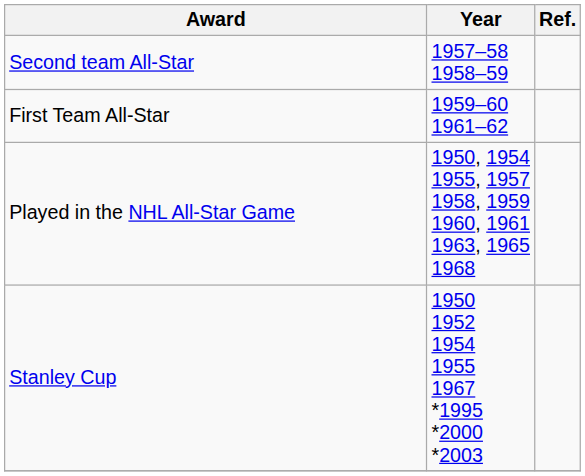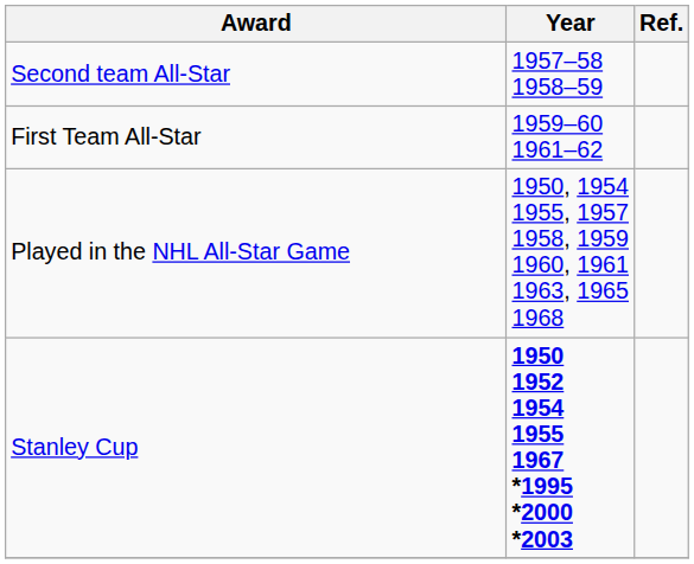 <table class="wikitable">
 <tr>
 <th scope="col" style="width:21em">Award</th>
 <th scope="col">Year</th>
 <th scope="col">Ref.</th>
 </tr>
 <tr>
 <td><a href='#'>Second team All-Star</a></td>
 <td><a href='#'>1957–58</a><br><a href='#'>1958–59</a></td>
 <td></td>
 </tr>
 <tr>
 <td>First Team All-Star</td>
 <td><a href='#'>1959–60</a><br><a href='#'>1961–62</a></td>
 <td></td>
 </tr>
 <tr>
 <td>Played in the <a href='#'>NHL All-Star Game</a></td>
 <td><a href='#'>1950</a>, <a href='#'>1954</a><br><a href='#'>1955</a>, <a href='#'>1957</a><br><a href='#'>1958</a>, <a href='#'>1959</a><br><a href='#'>1960</a>, <a href='#'>1961</a><br><a href='#'>1963</a>, <a href='#'>1965</a><br><a href='#'>1968</a></td>
 <td></td>
 </tr>
 <tr>
 <td><a href='#'>Stanley Cup</a></td>
-<td><a href='#'>1950</a> <br> <a href='#'>1952</a> <br> <a href='#'>1954</a> <br> <a href='#'>1955</a> <br> <a href='#'>1967</a>  <br>  *<a href='#'>1995</a> <br> *<a href='#'>2000</a> <br> *<a href='#'>2003</a></td>
+<td><strong><a href='#'>1950</a> <br> <a href='#'>1952</a> <br> <a href='#'>1954</a> <br> <a href='#'>1955</a> <br> <a href='#'>1967</a>  <br>  *<a href='#'>1995</a> <br> *<a href='#'>2000</a> <br> *<a href='#'>2003</a></strong></td>
 <td></td>
 </tr>
 <tr>
 </tr>
 </table>
